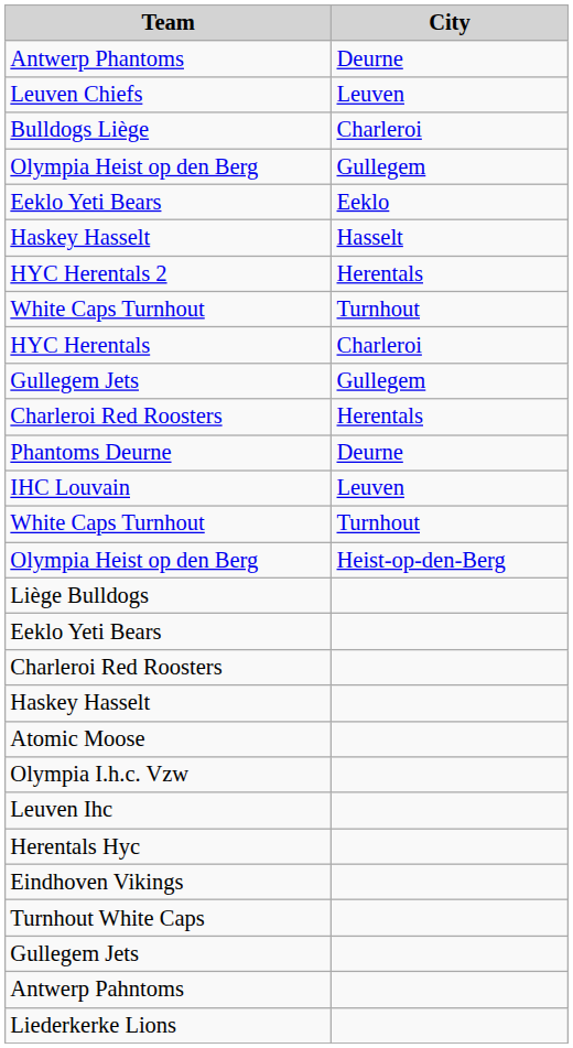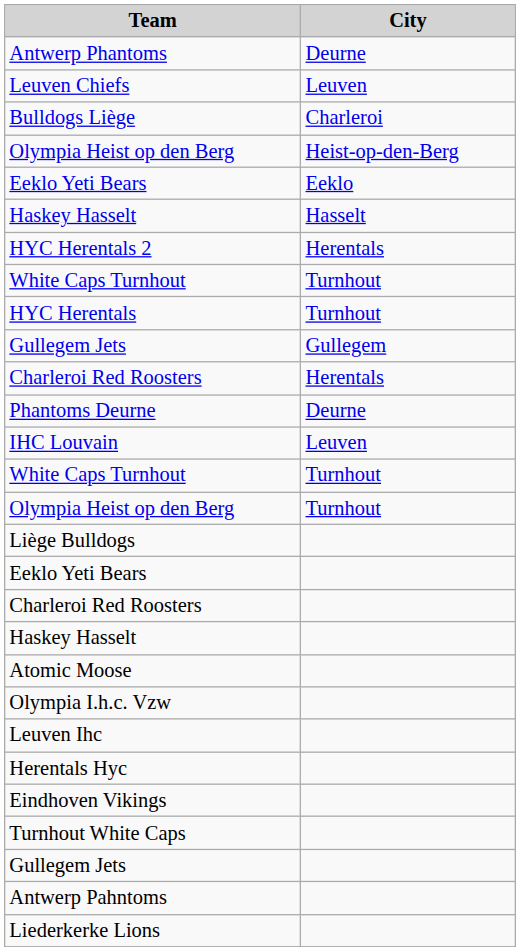 <table class="wikitable" style="text-align:left">
 <tr>
 <th style="background:lightgrey;width:14em">Team</th>
 <th style="background:lightgrey;width:10em">City</th>
 </tr>
 <tr>
 <td><a href='#'>Antwerp Phantoms</a></td>
 <td><a href='#'>Deurne</a></td>
 </tr>
 <tr>
 <td><a href='#'>Leuven Chiefs</a></td>
 <td><a href='#'>Leuven</a></td>
 </tr>
 <tr>
 <td><a href='#'>Bulldogs Liège</a></td>
 <td><a href='#'>Charleroi</a></td>
 </tr>
 <tr>
 <td><a href='#'>Olympia Heist op den Berg</a></td>
-<td><a href='#'>Gullegem</a></td>
+<td><a href='#'>Heist-op-den-Berg</a></td>
 </tr>
 <tr>
 <td><a href='#'>Eeklo Yeti Bears</a></td>
 <td><a href='#'>Eeklo</a></td>
 </tr>
 <tr>
 <td><a href='#'>Haskey Hasselt</a></td>
 <td><a href='#'>Hasselt</a></td>
 </tr>
 <tr>
 <td><a href='#'>HYC Herentals 2</a></td>
 <td><a href='#'>Herentals</a></td>
 </tr>
 <tr>
 <td><a href='#'>White Caps Turnhout</a></td>
 <td><a href='#'>Turnhout</a></td>
 </tr>
 <tr>
 <td><a href='#'>HYC Herentals</a></td>
-<td><a href='#'>Charleroi</a></td>
+<td><a href='#'>Turnhout</a></td>
 </tr>
 <tr>
 <td><a href='#'>Gullegem Jets</a></td>
 <td><a href='#'>Gullegem</a></td>
 </tr>
 <tr>
 <td><a href='#'>Charleroi Red Roosters</a></td>
 <td><a href='#'>Herentals</a></td>
 </tr>
 <tr>
 <td><a href='#'>Phantoms Deurne</a></td>
 <td><a href='#'>Deurne</a></td>
 </tr>
 <tr>
 <td><a href='#'>IHC Louvain</a></td>
 <td><a href='#'>Leuven</a></td>
 </tr>
 <tr>
 <td><a href='#'>White Caps Turnhout</a></td>
 <td><a href='#'>Turnhout</a></td>
 </tr>
 <tr>
 <td><a href='#'>Olympia Heist op den Berg</a></td>
-<td><a href='#'>Heist-op-den-Berg</a></td>
+<td><a href='#'>Turnhout</a></td>
 </tr>
 <tr>
 <td>Liège Bulldogs</td>
 <td></td>
 </tr>
 <tr>
 <td>Eeklo Yeti Bears</td>
 <td></td>
 </tr>
 <tr>
 <td>Charleroi Red Roosters</td>
 <td></td>
 </tr>
 <tr>
 <td>Haskey Hasselt</td>
 <td></td>
 </tr>
 <tr>
 <td>Atomic Moose</td>
 <td></td>
 </tr>
 <tr>
 <td>Olympia I.h.c. Vzw</td>
 <td></td>
 </tr>
 <tr>
 <td>Leuven Ihc</td>
 <td></td>
 </tr>
 <tr>
 <td>Herentals Hyc</td>
 <td></td>
 </tr>
 <tr>
 <td>Eindhoven Vikings</td>
 <td></td>
 </tr>
 <tr>
 <td>Turnhout White Caps</td>
 <td></td>
 </tr>
 <tr>
 <td>Gullegem Jets</td>
 <td></td>
 </tr>
 <tr>
 <td>Antwerp Pahntoms</td>
 <td></td>
 </tr>
 <tr>
 <td>Liederkerke Lions</td>
 <td></td>
 </tr>
 </table>
